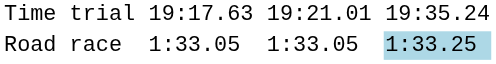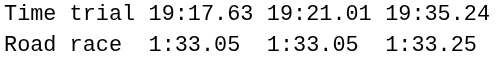 <table>
 <tr>
 <td>Time trial</td>
 <td></td>
 <td>19:17.63</td>
 <td></td>
 <td>19:21.01</td>
 <td></td>
 <td>19:35.24</td>
 </tr>
 <tr>
 <td>Road race</td>
 <td></td>
 <td>1:33.05</td>
 <td></td>
 <td>1:33.05</td>
 <td></td>
-<td style="background: lightblue;">1:33.25</td>
+<td>1:33.25</td>
 </tr>
 </table>
